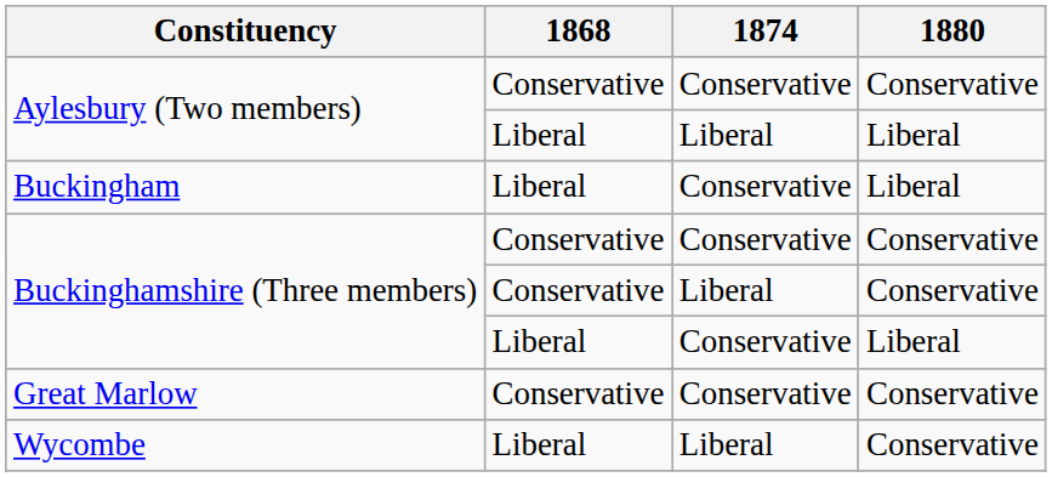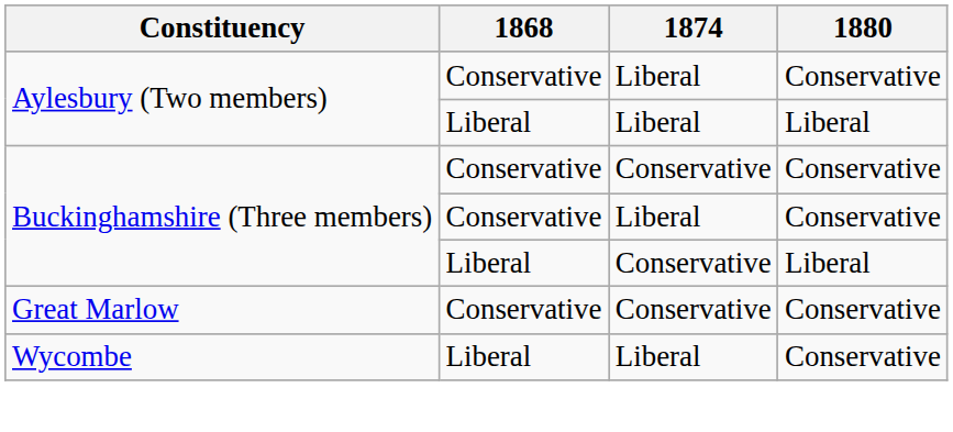 <table class="wikitable">
 <tr>
 <th>Constituency</th>
 <th>1868</th>
 <th>1874</th>
 <th>1880</th>
 </tr>
 <tr>
 <td rowspan="2"><a href='#'>Aylesbury</a> (Two members)</td>
 <td>Conservative</td>
-<td>Conservative</td>
+<td>Liberal</td>
 <td>Conservative</td>
 </tr>
 <tr>
 <td>Liberal</td>
 <td>Liberal</td>
-<td>Liberal</td>
-</tr>
-<tr>
-<td><a href='#'>Buckingham</a></td>
-<td>Liberal</td>
-<td>Conservative</td>
 <td>Liberal</td>
 </tr>
 <tr>
 <td rowspan="3"><a href='#'>Buckinghamshire</a> (Three members)</td>
 <td>Conservative</td>
 <td>Conservative</td>
 <td>Conservative</td>
 </tr>
 <tr>
 <td>Conservative</td>
 <td>Liberal</td>
 <td>Conservative</td>
 </tr>
 <tr>
 <td>Liberal</td>
 <td>Conservative</td>
 <td>Liberal</td>
 </tr>
 <tr>
 <td><a href='#'>Great Marlow</a></td>
 <td>Conservative</td>
 <td>Conservative</td>
 <td>Conservative</td>
 </tr>
 <tr>
 <td><a href='#'>Wycombe</a></td>
 <td>Liberal</td>
 <td>Liberal</td>
 <td>Conservative</td>
 </tr>
 </table>
